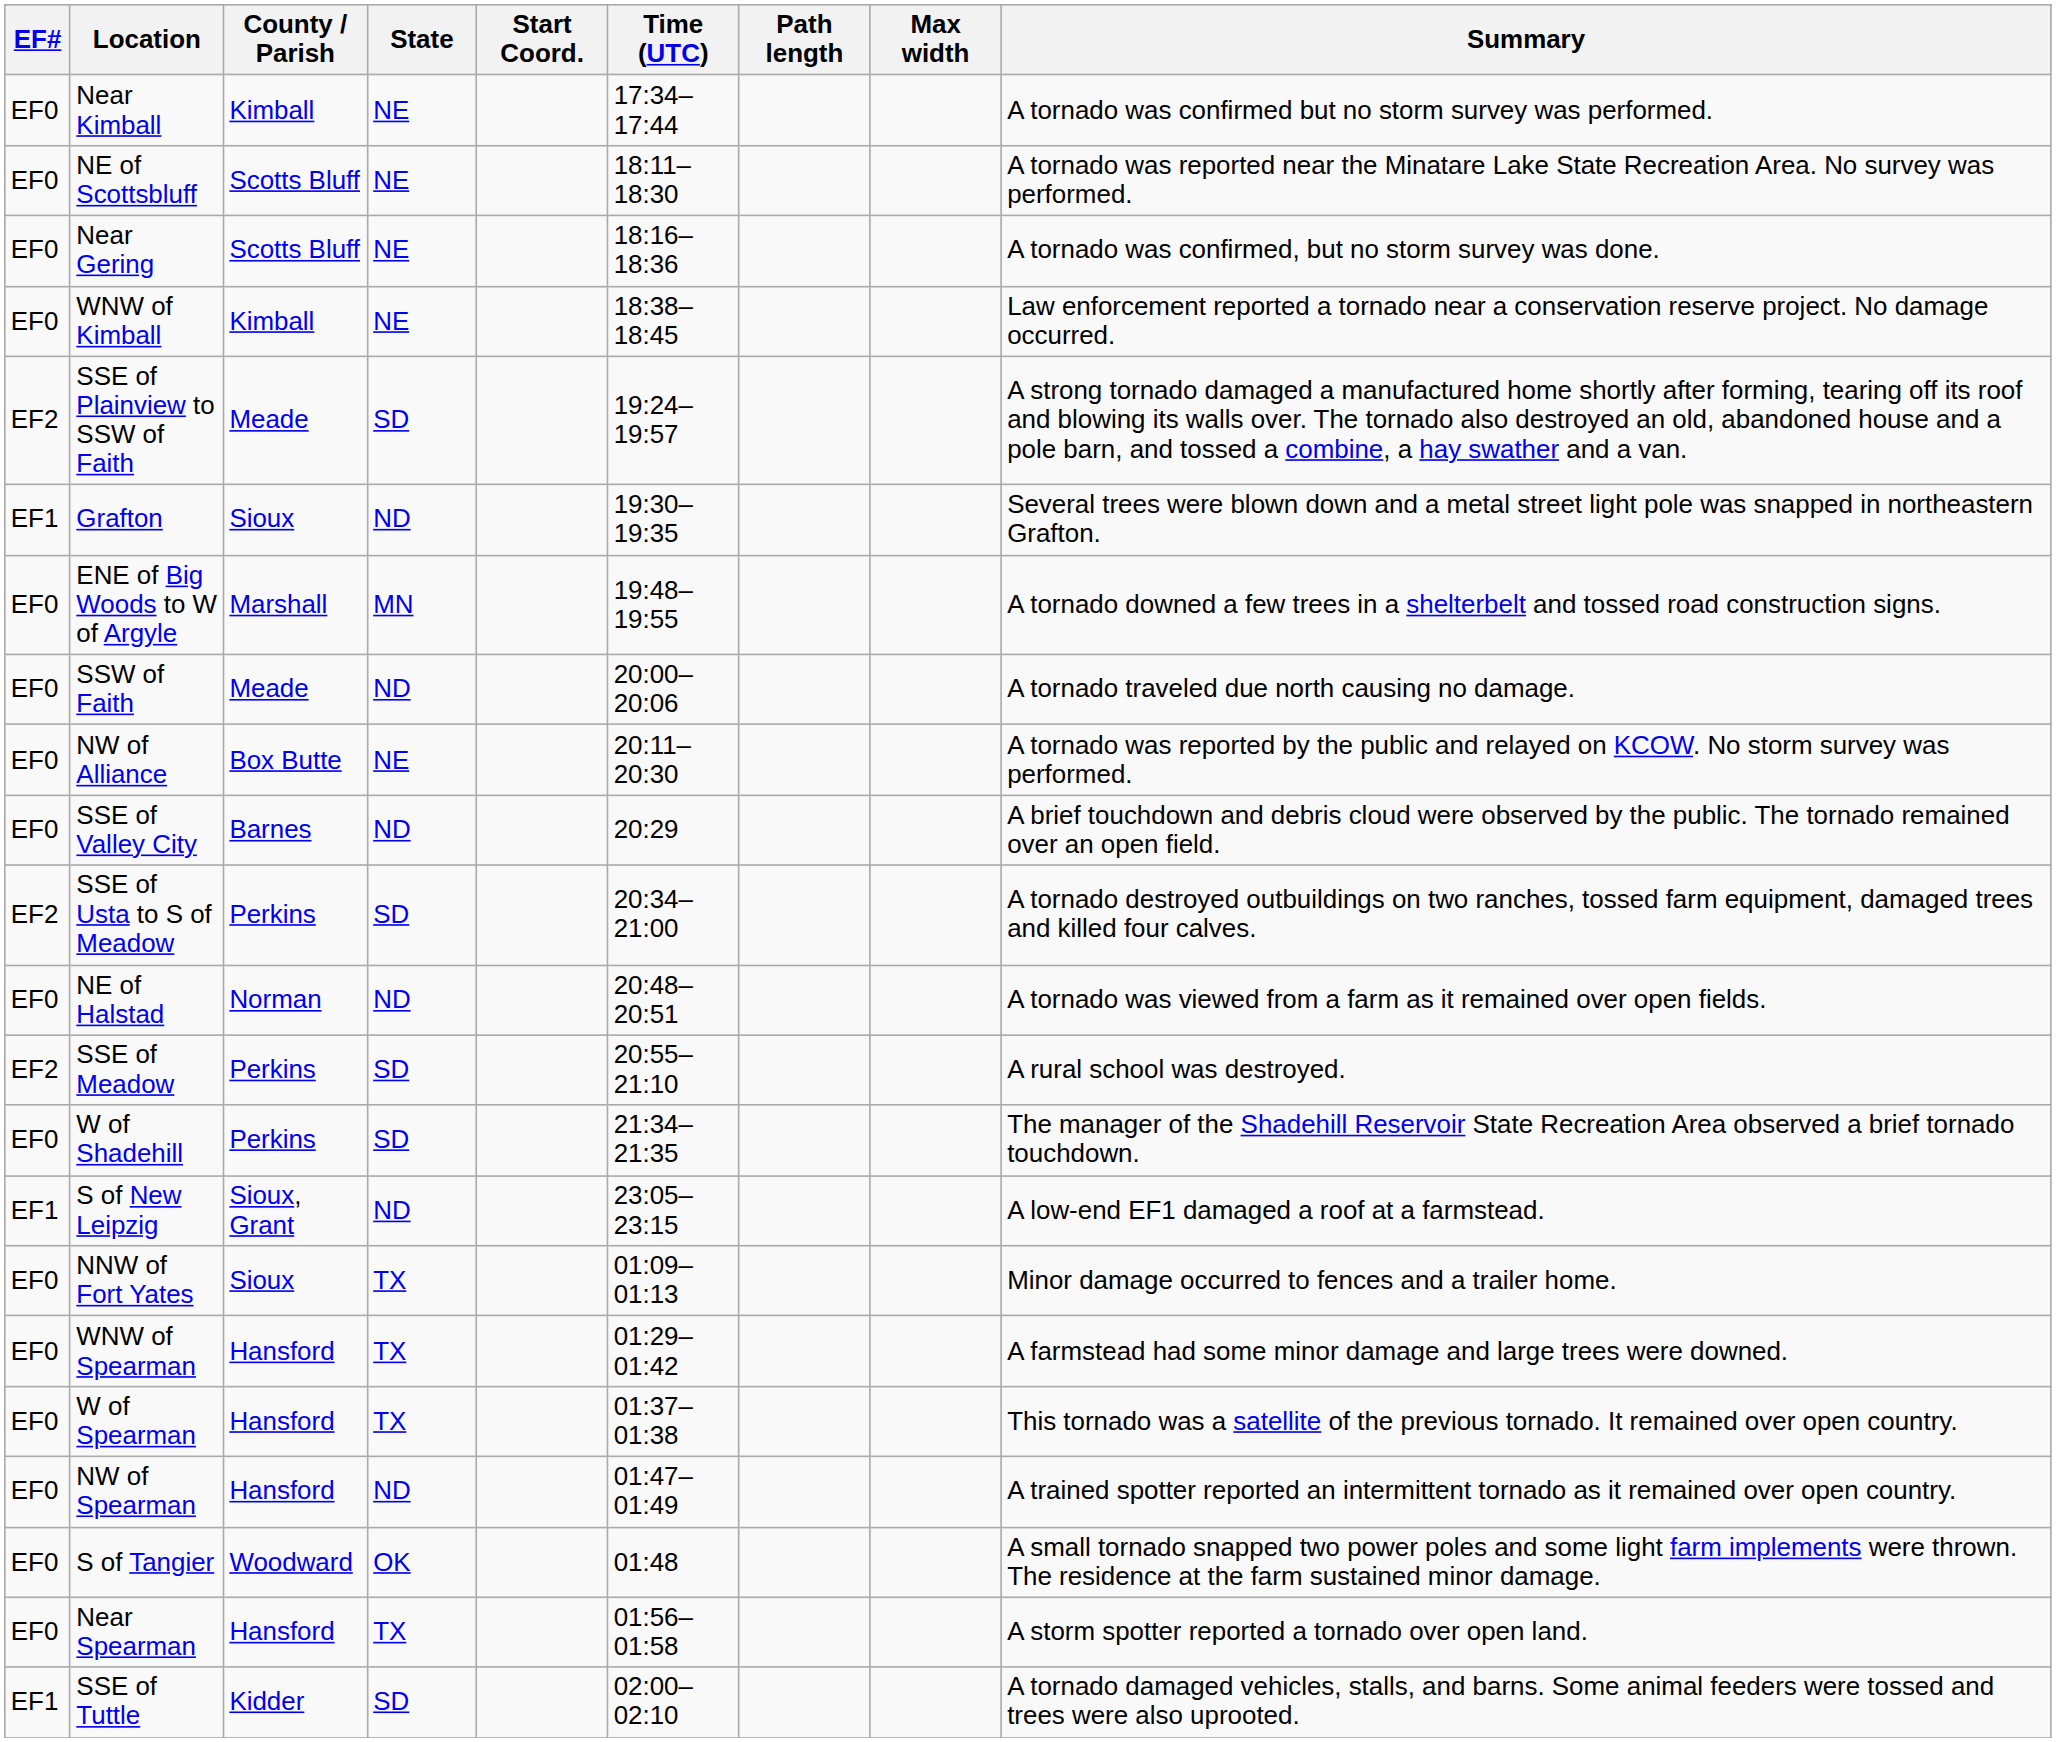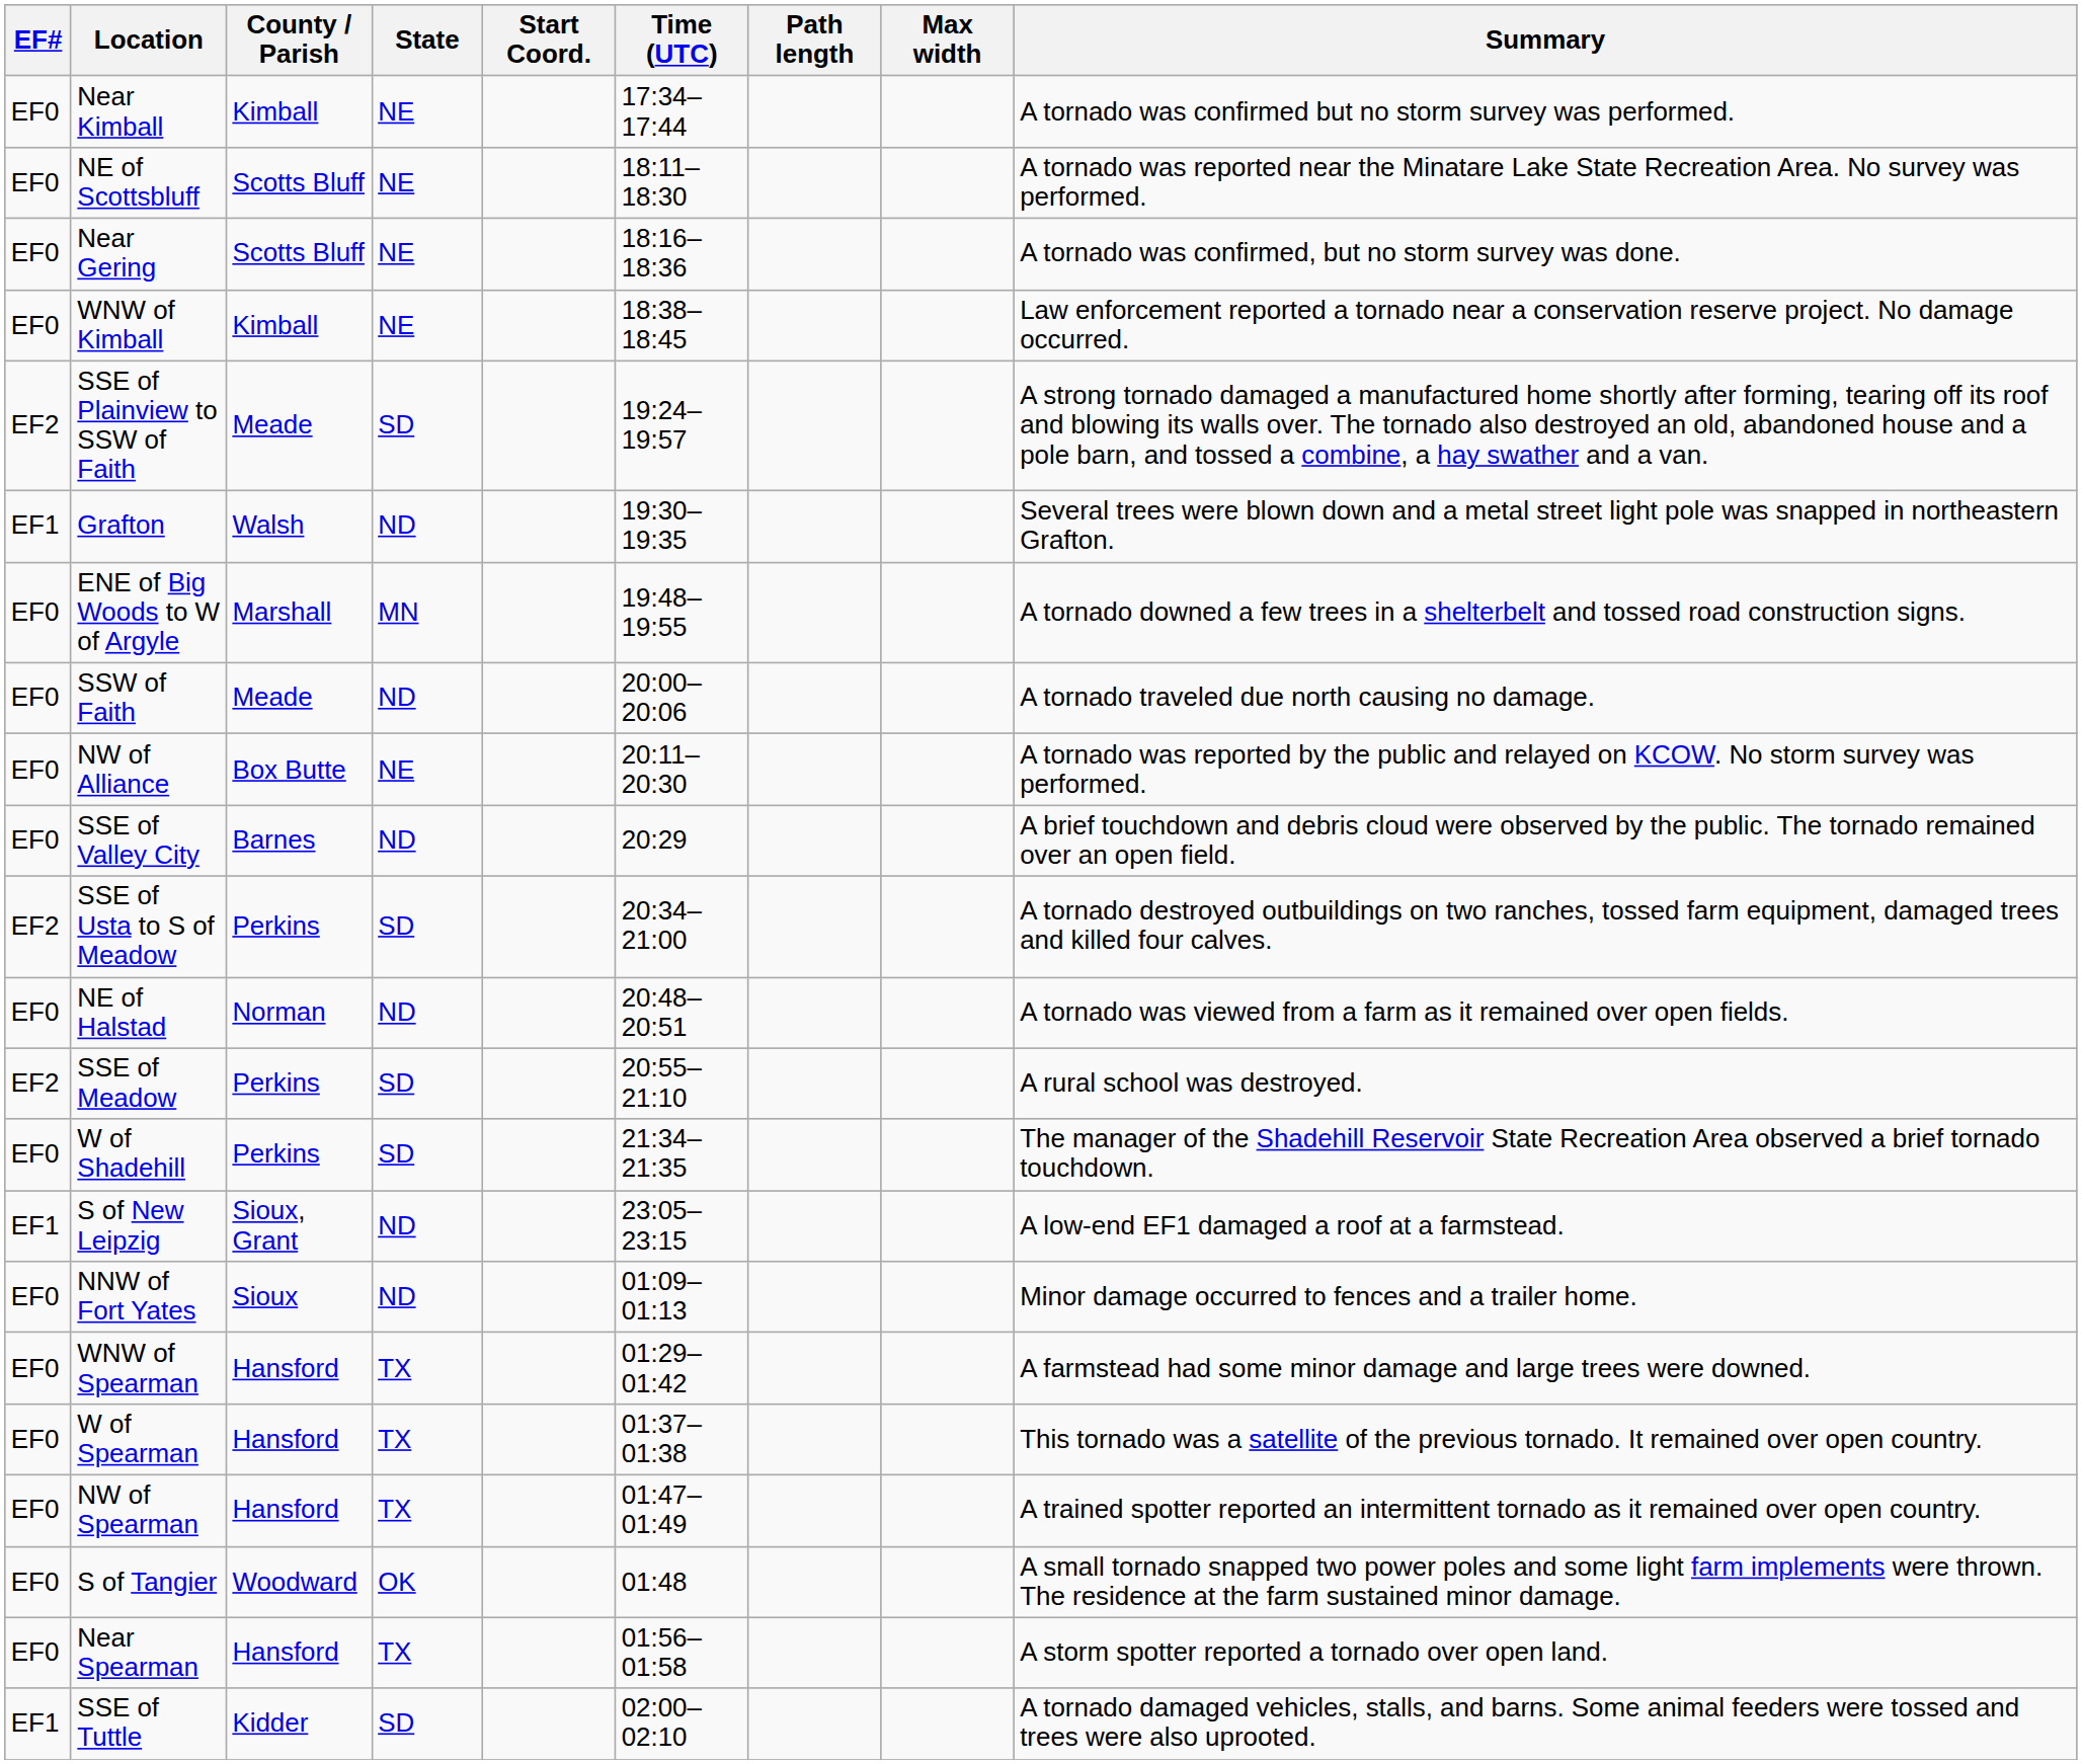 <table class="wikitable sortable" style="width:100%;">
 <tr>
 <th scope="col"  style="width:3%; text-align:center;"><a href='#'>EF#</a></th>
 <th scope="col"  style="width:7%; text-align:center;" class="unsortable">Location</th>
 <th scope="col"  style="width:6%; text-align:center;" class="unsortable">County / Parish</th>
 <th scope="col"  style="width:5%; text-align:center;">State</th>
 <th scope="col"  style="width:6%; text-align:center;">Start Coord.</th>
 <th scope="col"  style="width:6%; text-align:center;">Time (<a href='#'>UTC</a>)</th>
 <th scope="col"  style="width:6%; text-align:center;">Path length</th>
 <th scope="col"  style="width:6%; text-align:center;">Max width</th>
 <th scope="col" class="unsortable" style="width:48%; text-align:center;">Summary</th>
 </tr>
 <tr>
 <td>EF0</td>
 <td>Near <a href='#'>Kimball</a></td>
 <td><a href='#'>Kimball</a></td>
 <td><a href='#'>NE</a></td>
 <td></td>
 <td>17:34–17:44</td>
 <td></td>
 <td></td>
 <td>A tornado was confirmed but no storm survey was performed.</td>
 </tr>
 <tr>
 <td>EF0</td>
 <td>NE of <a href='#'>Scottsbluff</a></td>
 <td><a href='#'>Scotts Bluff</a></td>
 <td><a href='#'>NE</a></td>
 <td></td>
 <td>18:11–18:30</td>
 <td></td>
 <td></td>
 <td>A tornado was reported near the Minatare Lake State Recreation Area. No survey was performed.</td>
 </tr>
 <tr>
 <td>EF0</td>
 <td>Near <a href='#'>Gering</a></td>
 <td><a href='#'>Scotts Bluff</a></td>
 <td><a href='#'>NE</a></td>
 <td></td>
 <td>18:16–18:36</td>
 <td></td>
 <td></td>
 <td>A tornado was confirmed, but no storm survey was done.</td>
 </tr>
 <tr>
 <td>EF0</td>
 <td>WNW of <a href='#'>Kimball</a></td>
 <td><a href='#'>Kimball</a></td>
 <td><a href='#'>NE</a></td>
 <td></td>
 <td>18:38–18:45</td>
 <td></td>
 <td></td>
 <td>Law enforcement reported a tornado near a conservation reserve project. No damage occurred.</td>
 </tr>
 <tr>
 <td>EF2</td>
 <td>SSE of <a href='#'>Plainview</a> to SSW of <a href='#'>Faith</a></td>
 <td><a href='#'>Meade</a></td>
 <td><a href='#'>SD</a></td>
 <td></td>
 <td>19:24–19:57</td>
 <td></td>
 <td></td>
 <td>A strong tornado damaged a manufactured home shortly after forming, tearing off its roof and blowing its walls over. The tornado also destroyed an old, abandoned house and a pole barn, and tossed a <a href='#'>combine</a>, a <a href='#'>hay swather</a> and a van.</td>
 </tr>
 <tr>
 <td>EF1</td>
 <td><a href='#'>Grafton</a></td>
-<td><a href='#'>Sioux</a></td>
+<td><a href='#'>Walsh</a></td>
 <td><a href='#'>ND</a></td>
 <td></td>
 <td>19:30–19:35</td>
 <td></td>
 <td></td>
 <td>Several trees were blown down and a metal street light pole was snapped in northeastern Grafton.</td>
 </tr>
 <tr>
 <td>EF0</td>
 <td>ENE of <a href='#'>Big Woods</a> to W of <a href='#'>Argyle</a></td>
 <td><a href='#'>Marshall</a></td>
 <td><a href='#'>MN</a></td>
 <td></td>
 <td>19:48–19:55</td>
 <td></td>
 <td></td>
 <td>A tornado downed a few trees in a <a href='#'>shelterbelt</a> and tossed road construction signs.</td>
 </tr>
 <tr>
 <td>EF0</td>
 <td>SSW of <a href='#'>Faith</a></td>
 <td><a href='#'>Meade</a></td>
 <td><a href='#'>ND</a></td>
 <td></td>
 <td>20:00–20:06</td>
 <td></td>
 <td></td>
 <td>A tornado traveled due north causing no damage.</td>
 </tr>
 <tr>
 <td>EF0</td>
 <td>NW of <a href='#'>Alliance</a></td>
 <td><a href='#'>Box Butte</a></td>
 <td><a href='#'>NE</a></td>
 <td></td>
 <td>20:11–20:30</td>
 <td></td>
 <td></td>
 <td>A tornado was reported by the public and relayed on <a href='#'>KCOW</a>. No storm survey was performed.</td>
 </tr>
 <tr>
 <td>EF0</td>
 <td>SSE of <a href='#'>Valley City</a></td>
 <td><a href='#'>Barnes</a></td>
 <td><a href='#'>ND</a></td>
 <td></td>
 <td>20:29</td>
 <td></td>
 <td></td>
 <td>A brief touchdown and debris cloud were observed by the public. The tornado remained over an open field.</td>
 </tr>
 <tr>
 <td>EF2</td>
 <td>SSE of <a href='#'>Usta</a> to S of <a href='#'>Meadow</a></td>
 <td><a href='#'>Perkins</a></td>
 <td><a href='#'>SD</a></td>
 <td></td>
 <td>20:34–21:00</td>
 <td></td>
 <td></td>
 <td>A tornado destroyed outbuildings on two ranches, tossed farm equipment, damaged trees and killed four calves.</td>
 </tr>
 <tr>
 <td>EF0</td>
 <td>NE of <a href='#'>Halstad</a></td>
 <td><a href='#'>Norman</a></td>
 <td><a href='#'>ND</a></td>
 <td></td>
 <td>20:48–20:51</td>
 <td></td>
 <td></td>
 <td>A tornado was viewed from a farm as it remained over open fields.</td>
 </tr>
 <tr>
 <td>EF2</td>
 <td>SSE of <a href='#'>Meadow</a></td>
 <td><a href='#'>Perkins</a></td>
 <td><a href='#'>SD</a></td>
 <td></td>
 <td>20:55–21:10</td>
 <td></td>
 <td></td>
 <td>A rural school was destroyed.</td>
 </tr>
 <tr>
 <td>EF0</td>
 <td>W of <a href='#'>Shadehill</a></td>
 <td><a href='#'>Perkins</a></td>
 <td><a href='#'>SD</a></td>
 <td></td>
 <td>21:34–21:35</td>
 <td></td>
 <td></td>
 <td>The manager of the <a href='#'>Shadehill Reservoir</a> State Recreation Area observed a brief tornado touchdown.</td>
 </tr>
 <tr>
 <td>EF1</td>
 <td>S of <a href='#'>New Leipzig</a></td>
 <td><a href='#'>Sioux</a>, <a href='#'>Grant</a></td>
 <td><a href='#'>ND</a></td>
 <td></td>
 <td>23:05–23:15</td>
 <td></td>
 <td></td>
 <td>A low-end EF1 damaged a roof at a farmstead.</td>
 </tr>
 <tr>
 <td>EF0</td>
 <td>NNW of <a href='#'>Fort Yates</a></td>
 <td><a href='#'>Sioux</a></td>
-<td><a href='#'>TX</a></td>
+<td><a href='#'>ND</a></td>
 <td></td>
 <td>01:09–01:13</td>
 <td></td>
 <td></td>
 <td>Minor damage occurred to fences and a trailer home.</td>
 </tr>
 <tr>
 <td>EF0</td>
 <td>WNW of <a href='#'>Spearman</a></td>
 <td><a href='#'>Hansford</a></td>
 <td><a href='#'>TX</a></td>
 <td></td>
 <td>01:29–01:42</td>
 <td></td>
 <td></td>
 <td>A farmstead had some minor damage and large trees were downed.</td>
 </tr>
 <tr>
 <td>EF0</td>
 <td>W of <a href='#'>Spearman</a></td>
 <td><a href='#'>Hansford</a></td>
 <td><a href='#'>TX</a></td>
 <td></td>
 <td>01:37–01:38</td>
 <td></td>
 <td></td>
 <td>This tornado was a <a href='#'>satellite</a> of the previous tornado. It remained over open country.</td>
 </tr>
 <tr>
 <td>EF0</td>
 <td>NW of <a href='#'>Spearman</a></td>
 <td><a href='#'>Hansford</a></td>
-<td><a href='#'>ND</a></td>
+<td><a href='#'>TX</a></td>
 <td></td>
 <td>01:47–01:49</td>
 <td></td>
 <td></td>
 <td>A trained spotter reported an intermittent tornado as it remained over open country.</td>
 </tr>
 <tr>
 <td>EF0</td>
 <td>S of <a href='#'>Tangier</a></td>
 <td><a href='#'>Woodward</a></td>
 <td><a href='#'>OK</a></td>
 <td></td>
 <td>01:48</td>
 <td></td>
 <td></td>
 <td>A small tornado snapped two power poles and some light <a href='#'>farm implements</a> were thrown. The residence at the farm sustained minor damage.</td>
 </tr>
 <tr>
 <td>EF0</td>
 <td>Near <a href='#'>Spearman</a></td>
 <td><a href='#'>Hansford</a></td>
 <td><a href='#'>TX</a></td>
 <td></td>
 <td>01:56–01:58</td>
 <td></td>
 <td></td>
 <td>A storm spotter reported a tornado over open land.</td>
 </tr>
 <tr>
 <td>EF1</td>
 <td>SSE of <a href='#'>Tuttle</a></td>
 <td><a href='#'>Kidder</a></td>
 <td><a href='#'>SD</a></td>
 <td></td>
 <td>02:00–02:10</td>
 <td></td>
 <td></td>
 <td>A tornado damaged vehicles, stalls, and barns. Some animal feeders were tossed and trees were also uprooted.</td>
 </tr>
 <tr>
 </tr>
 </table>
